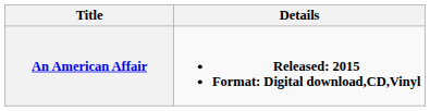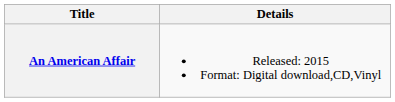 <table class="wikitable plainrowheaders" style="text-align:center">
 <tr>
 <th scope="col" style="width:12em;">Title</th>
 <th scope="col" style="width:18em;">Details</th>
 </tr>
 <tr>
 <th scope="row"><a href='#'>An American Affair</a></th>
-<td><strong><br><ul><li>Released: 2015</li><li>Format: Digital download,CD,Vinyl</li></ul></strong></td>
+<td><br><ul><li>Released: 2015</li><li>Format: Digital download,CD,Vinyl</li></ul></td>
 </tr>
 </table>
